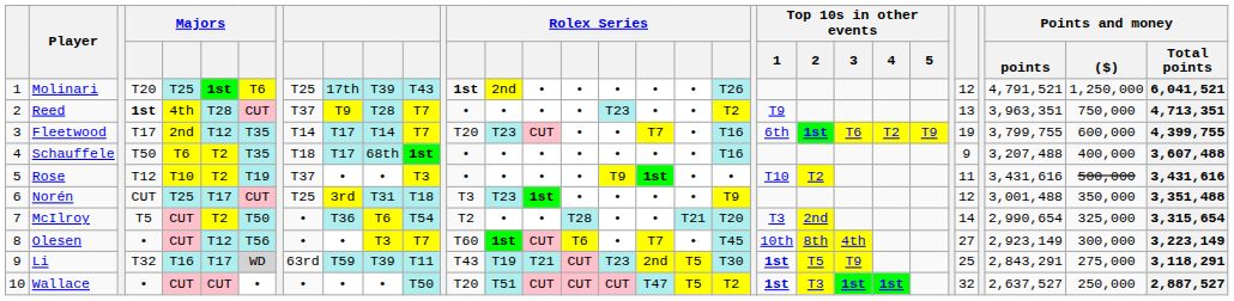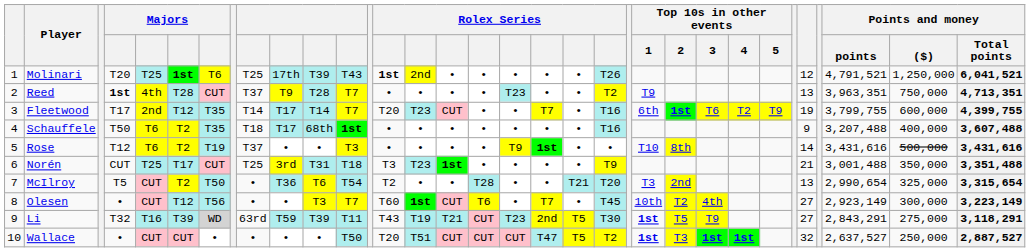 <table class=wikitable style=font-size:85%;text-align:center>
 <tr>
 <th rowspan=2></th>
 <th rowspan="2";>Player</th>
 <th rowspan="12"></th>
 <th colspan=4><a href='#'>Majors</a></th>
 <th rowspan="12"></th>
 <th colspan=4></th>
 <th rowspan="12"></th>
 <th colspan=8><a href='#'>Rolex Series</a></th>
 <th rowspan="12"></th>
 <th colspan="5">Top 10s in other  events</th>
 <th rowspan="12"></th>
 <th rowspan=2></th>
 <th rowspan="12"></th>
 <th colspan=3>Points and money</th>
 </tr>
 <tr>
 <th style="width:25px;"></th>
 <th style="width:25px;"></th>
 <th style="width:25px;"></th>
 <th style="width:25px;"></th>
 <th style="width:25px;"></th>
 <th style="width:25px;"></th>
 <th style="width:25px;"></th>
 <th style="width:25px;"></th>
 <th style="width:25px;"></th>
 <th style="width:25px;"></th>
 <th style="width:25px;"></th>
 <th style="width:25px;"></th>
 <th style="width:25px;"></th>
 <th style="width:25px;"></th>
 <th style="width:25px;"></th>
 <th style="width:25px;"></th>
 <th style="width:25px;">1</th>
 <th style="width:25px;">2</th>
 <th style="width:25px;">3</th>
 <th style="width:25px;">4</th>
 <th style="width:25px;">5</th>
 <th style=“width:25px;”><br>points</th>
 <th style=“width:25px;”><br>($)</th>
 <th style=“width:25px;”>Total<br>points</th>
 </tr>
 <tr>
 <td>1</td>
 <td align="left"> <a href='#'>Molinari</a></td>
 <td>T20</td>
 <td bgcolor="afeeee">T25</td>
 <td bgcolor=lime><strong>1st</strong></td>
 <td bgcolor=yellow>T6</td>
 <td>T25</td>
 <td bgcolor="afeeee">17th</td>
 <td bgcolor="afeeee">T39</td>
 <td bgcolor="afeeee">T43</td>
 <td><strong>1st</strong></td>
 <td bgcolor=yellow>2nd</td>
 <td style="background:white">•</td>
 <td style="background:white">•</td>
 <td style="background:white">•</td>
 <td style="background:white">•</td>
 <td style="background:white">•</td>
 <td bgcolor="afeeee">T26</td>
 <td></td>
 <td></td>
 <td></td>
 <td></td>
 <td></td>
 <td>12</td>
 <td>4,791,521</td>
 <td>1,250,000</td>
 <th>6,041,521</th>
 </tr>
 <tr>
 <td>2</td>
 <td align="left"> <a href='#'>Reed</a></td>
 <td><strong>1st</strong></td>
 <td bgcolor=yellow>4th</td>
 <td bgcolor="afeeee">T28</td>
 <td bgcolor="pink">CUT</td>
 <td>T37</td>
 <td bgcolor=yellow>T9</td>
 <td bgcolor="afeeee">T28</td>
 <td bgcolor=yellow>T7</td>
 <td>•</td>
 <td style="background:white">•</td>
 <td style="background:white">•</td>
 <td style="background:white">•</td>
 <td bgcolor="afeeee">T23</td>
 <td style="background:white">•</td>
 <td style="background:white">•</td>
 <td bgcolor=yellow>T2</td>
 <td><a href='#'>T9</a></td>
 <td></td>
 <td></td>
 <td></td>
 <td></td>
 <td>13</td>
 <td>3,963,351</td>
 <td>750,000</td>
 <th>4,713,351</th>
 </tr>
 <tr>
 <td>3</td>
 <td align="left"> <a href='#'>Fleetwood</a></td>
 <td>T17</td>
 <td bgcolor="yellow">2nd</td>
 <td bgcolor="afeeee">T12</td>
 <td bgcolor="afeeee">T35</td>
 <td>T14</td>
 <td bgcolor="afeeee">T17</td>
 <td bgcolor="afeeee">T14</td>
 <td bgcolor="yellow">T7</td>
 <td>T20</td>
 <td bgcolor="afeeee">T23</td>
 <td bgcolor="pink">CUT</td>
 <td style="background:white">•</td>
 <td style="background:white">•</td>
 <td bgcolor="yellow">T7</td>
 <td style="background:white">•</td>
 <td bgcolor="afeeee">T16</td>
 <td><a href='#'>6th</a></td>
 <td bgcolor=lime><a href='#'><strong>1st</strong></a></td>
 <td bgcolor=yellow><a href='#'>T6</a></td>
 <td bgcolor=yellow><a href='#'>T2</a></td>
 <td bgcolor=yellow><a href='#'>T9</a></td>
 <td>19</td>
 <td>3,799,755</td>
 <td>600,000</td>
 <th>4,399,755</th>
 </tr>
 <tr>
 <td>4</td>
 <td align="left"> <a href='#'>Schauffele</a></td>
 <td>T50</td>
 <td bgcolor="yellow">T6</td>
 <td bgcolor="yellow">T2</td>
 <td bgcolor="afeeee">T35</td>
 <td>T18</td>
 <td bgcolor="afeeee">T17</td>
 <td bgcolor="afeeee">68th</td>
 <td bgcolor="lime"><strong>1st</strong></td>
 <td>•</td>
 <td style="background:white">•</td>
 <td style="background:white">•</td>
 <td style="background:white">•</td>
 <td style="background:white">•</td>
 <td style="background:white">•</td>
 <td style="background:white">•</td>
 <td bgcolor="afeeee">T16</td>
 <td></td>
 <td></td>
 <td></td>
 <td></td>
 <td></td>
 <td>9</td>
 <td>3,207,488</td>
 <td>400,000</td>
 <th>3,607,488</th>
 </tr>
 <tr>
 <td>5</td>
 <td align="left"> <a href='#'>Rose</a></td>
 <td>T12</td>
-<td bgcolor="yellow">T10</td>
+<td bgcolor="yellow">T6</td>
 <td bgcolor="yellow">T2</td>
 <td bgcolor="afeeee">T19</td>
 <td>T37</td>
 <td style="background:white">•</td>
 <td style="background:white">•</td>
 <td bgcolor="yellow">T3</td>
 <td>•</td>
 <td style="background:white">•</td>
 <td style="background:white">•</td>
 <td style="background:white">•</td>
 <td bgcolor="yellow">T9</td>
 <td bgcolor=lime><strong>1st</strong></td>
 <td style="background:white">•</td>
 <td style="background:white">•</td>
 <td><a href='#'>T10</a></td>
-<td bgcolor=yellow><a href='#'>T2</a></td>
+<td bgcolor=yellow><a href='#'>8th</a></td>
 <td></td>
 <td></td>
 <td></td>
-<td>11</td>
+<td>14</td>
 <td>3,431,616</td>
 <td><s>500,000</s></td>
 <th>3,431,616</th>
 </tr>
 <tr>
 <td>6</td>
 <td align="left"> <a href='#'>Norén</a></td>
 <td>CUT</td>
 <td bgcolor="afeeee">T25</td>
 <td bgcolor="afeeee">T17</td>
 <td bgcolor="pink">CUT</td>
 <td>T25</td>
 <td bgcolor="yellow">3rd</td>
 <td bgcolor="afeeee">T31</td>
 <td bgcolor="afeeee">T18</td>
 <td>T3</td>
 <td bgcolor="afeeee">T23</td>
 <td bgcolor="lime"><strong>1st</strong></td>
 <td style="background:white">•</td>
 <td style="background:white">•</td>
 <td style="background:white">•</td>
 <td style="background:white">•</td>
 <td bgcolor="yellow">T9</td>
 <td></td>
 <td></td>
 <td></td>
 <td></td>
 <td></td>
-<td>12</td>
+<td>21</td>
 <td>3,001,488</td>
 <td>350,000</td>
 <th>3,351,488</th>
 </tr>
 <tr>
 <td>7</td>
 <td align="left"> <a href='#'>McIlroy</a></td>
 <td>T5</td>
 <td bgcolor="pink">CUT</td>
 <td bgcolor="yellow">T2</td>
 <td bgcolor="afeeee">T50</td>
 <td>•</td>
 <td bgcolor="afeeee">T36</td>
 <td bgcolor="yellow">T6</td>
 <td bgcolor="afeeee">T54</td>
 <td>T2</td>
 <td style="background:white">•</td>
 <td style="background:white">•</td>
 <td bgcolor="afeeee">T28</td>
 <td style="background:white">•</td>
 <td style="background:white">•</td>
 <td bgcolor="afeeee">T21</td>
 <td bgcolor="afeeee">T20</td>
 <td><a href='#'>T3</a></td>
 <td bgcolor=yellow><a href='#'>2nd</a></td>
 <td></td>
 <td></td>
 <td></td>
-<td>14</td>
+<td>13</td>
 <td>2,990,654</td>
 <td>325,000</td>
 <th>3,315,654</th>
 </tr>
 <tr>
 <td>8</td>
 <td align="left"> <a href='#'>Olesen</a></td>
 <td>•</td>
 <td bgcolor="pink">CUT</td>
 <td bgcolor="afeeee">T12</td>
 <td bgcolor="afeeee">T56</td>
 <td>•</td>
 <td style="background:white">•</td>
 <td bgcolor="yellow">T3</td>
 <td bgcolor="yellow">T7</td>
 <td>T60</td>
 <td bgcolor="lime"><strong>1st</strong></td>
 <td bgcolor="pink">CUT</td>
 <td bgcolor="yellow">T6</td>
 <td style="background:white">•</td>
 <td bgcolor="yellow">T7</td>
 <td style="background:white">•</td>
 <td bgcolor="afeeee">T45</td>
 <td><a href='#'>10th</a></td>
-<td bgcolor=yellow><a href='#'>8th</a></td>
+<td bgcolor=yellow><a href='#'>T2</a></td>
 <td bgcolor=yellow><a href='#'>4th</a></td>
 <td></td>
 <td></td>
 <td>27</td>
 <td>2,923,149</td>
 <td>300,000</td>
 <th>3,223,149</th>
 </tr>
 <tr>
 <td>9</td>
 <td align="left"> <a href='#'>Li</a></td>
 <td>T32</td>
 <td bgcolor="afeeee">T16</td>
-<td bgcolor="afeeee">T17</td>
+<td bgcolor="afeeee">T39</td>
 <td bgcolor="lightgrey">WD</td>
 <td>63rd</td>
 <td bgcolor="afeeee">T59</td>
 <td bgcolor="afeeee">T39</td>
 <td bgcolor="afeeee">T11</td>
 <td>T43</td>
 <td bgcolor="afeeee">T19</td>
 <td bgcolor="afeeee">T21</td>
 <td bgcolor="pink">CUT</td>
 <td bgcolor="afeeee">T23</td>
 <td bgcolor="yellow">2nd</td>
 <td bgcolor="yellow">T5</td>
 <td bgcolor="afeeee">T30</td>
 <td><a href='#'><strong>1st</strong></a></td>
 <td bgcolor="yellow"><a href='#'>T5</a></td>
 <td bgcolor="yellow"><a href='#'>T9</a></td>
 <td></td>
 <td></td>
-<td>25</td>
+<td>27</td>
 <td>2,843,291</td>
 <td>275,000</td>
 <th>3,118,291</th>
 </tr>
 <tr>
 <td>10</td>
 <td align="left"> <a href='#'>Wallace</a></td>
 <td>•</td>
 <td bgcolor="pink">CUT</td>
 <td bgcolor="pink">CUT</td>
 <td style="background:white">•</td>
 <td>•</td>
 <td style="background:white">•</td>
 <td style="background:white">•</td>
 <td bgcolor="afeeee">T50</td>
 <td>T20</td>
 <td bgcolor="afeeee">T51</td>
 <td bgcolor="pink">CUT</td>
 <td bgcolor="pink">CUT</td>
 <td bgcolor="pink">CUT</td>
 <td bgcolor="afeeee">T47</td>
 <td bgcolor="yellow">T5</td>
 <td bgcolor="yellow">T2</td>
 <td><a href='#'><strong>1st</strong></a></td>
 <td bgcolor="yellow"><a href='#'>T3</a></td>
 <td bgcolor="lime"><a href='#'><strong>1st</strong></a></td>
 <td bgcolor="lime"><a href='#'><strong>1st</strong></a></td>
 <td></td>
 <td>32</td>
 <td>2,637,527</td>
 <td>250,000</td>
 <th>2,887,527</th>
 </tr>
 </table>
